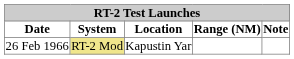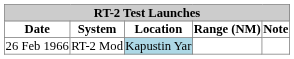 <table border=1 style="border-collapse: collapse;">
 <tr style="background:#ccc;">
 <td colspan="6" style="text-align:center;"><strong>RT-2 Test Launches</strong></td>
 </tr>
 <tr>
 <th>Date</th>
 <th>System</th>
 <th>Location</th>
 <th>Range (NM)</th>
 <th>Note</th>
 </tr>
 <tr>
 <td>26 Feb 1966</td>
-<td style="background: khaki;">RT-2 Mod</td>
-<td>Kapustin Yar</td>
+<td>RT-2 Mod</td>
+<td style="background: lightblue;">Kapustin Yar</td>
 <td></td>
 </tr>
 </table>
